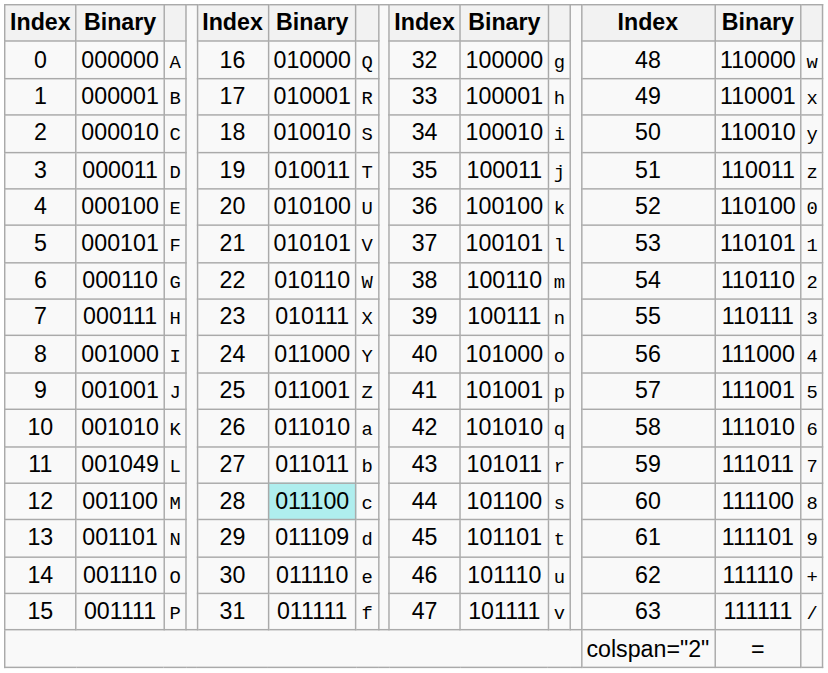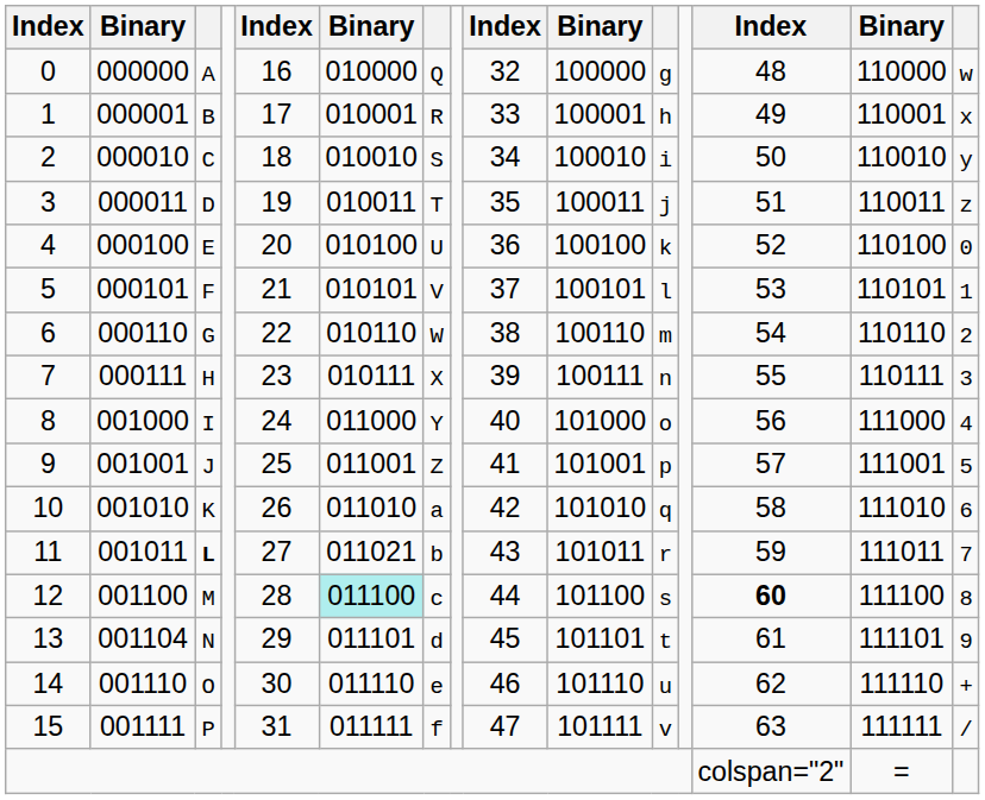 <table class="wikitable" style="text-align:center">
 <tr>
 <th scope="col">Index</th>
 <th scope="col">Binary</th>
 <th scope="col"></th>
 <td rowspan="17"></td>
 <th scope="col">Index</th>
 <th scope="col">Binary</th>
 <th scope="col"></th>
 <td rowspan="17"></td>
 <th scope="col">Index</th>
 <th scope="col">Binary</th>
 <th scope="col"></th>
 <td rowspan="17"></td>
 <th scope="col">Index</th>
 <th scope="col">Binary</th>
 <th scope="col"></th>
 </tr>
 <tr>
 <td>0</td>
 <td>000000</td>
 <td><code>A</code></td>
 <td>16</td>
 <td>010000</td>
 <td><code>Q</code></td>
 <td>32</td>
 <td>100000</td>
 <td><code>g</code></td>
 <td>48</td>
 <td>110000</td>
 <td><code>w</code></td>
 </tr>
 <tr>
 <td>1</td>
 <td>000001</td>
 <td><code>B</code></td>
 <td>17</td>
 <td>010001</td>
 <td><code>R</code></td>
 <td>33</td>
 <td>100001</td>
 <td><code>h</code></td>
 <td>49</td>
 <td>110001</td>
 <td><code>x</code></td>
 </tr>
 <tr>
 <td>2</td>
 <td>000010</td>
 <td><code>C</code></td>
 <td>18</td>
 <td>010010</td>
 <td><code>S</code></td>
 <td>34</td>
 <td>100010</td>
 <td><code>i</code></td>
 <td>50</td>
 <td>110010</td>
 <td><code>y</code></td>
 </tr>
 <tr>
 <td>3</td>
 <td>000011</td>
 <td><code>D</code></td>
 <td>19</td>
 <td>010011</td>
 <td><code>T</code></td>
 <td>35</td>
 <td>100011</td>
 <td><code>j</code></td>
 <td>51</td>
 <td>110011</td>
 <td><code>z</code></td>
 </tr>
 <tr>
 <td>4</td>
 <td>000100</td>
 <td><code>E</code></td>
 <td>20</td>
 <td>010100</td>
 <td><code>U</code></td>
 <td>36</td>
 <td>100100</td>
 <td><code>k</code></td>
 <td>52</td>
 <td>110100</td>
 <td><code>0</code></td>
 </tr>
 <tr>
 <td>5</td>
 <td>000101</td>
 <td><code>F</code></td>
 <td>21</td>
 <td>010101</td>
 <td><code>V</code></td>
 <td>37</td>
 <td>100101</td>
 <td><code>l</code></td>
 <td>53</td>
 <td>110101</td>
 <td><code>1</code></td>
 </tr>
 <tr>
 <td>6</td>
 <td>000110</td>
 <td><code>G</code></td>
 <td>22</td>
 <td>010110</td>
 <td><code>W</code></td>
 <td>38</td>
 <td>100110</td>
 <td><code>m</code></td>
 <td>54</td>
 <td>110110</td>
 <td><code>2</code></td>
 </tr>
 <tr>
 <td>7</td>
 <td>000111</td>
 <td><code>H</code></td>
 <td>23</td>
 <td>010111</td>
 <td><code>X</code></td>
 <td>39</td>
 <td>100111</td>
 <td><code>n</code></td>
 <td>55</td>
 <td>110111</td>
 <td><code>3</code></td>
 </tr>
 <tr>
 <td>8</td>
 <td>001000</td>
 <td><code>I</code></td>
 <td>24</td>
 <td>011000</td>
 <td><code>Y</code></td>
 <td>40</td>
 <td>101000</td>
 <td><code>o</code></td>
 <td>56</td>
 <td>111000</td>
 <td><code>4</code></td>
 </tr>
 <tr>
 <td>9</td>
 <td>001001</td>
 <td><code>J</code></td>
 <td>25</td>
 <td>011001</td>
 <td><code>Z</code></td>
 <td>41</td>
 <td>101001</td>
 <td><code>p</code></td>
 <td>57</td>
 <td>111001</td>
 <td><code>5</code></td>
 </tr>
 <tr>
 <td>10</td>
 <td>001010</td>
 <td><code>K</code></td>
 <td>26</td>
 <td>011010</td>
 <td><code>a</code></td>
 <td>42</td>
 <td>101010</td>
 <td><code>q</code></td>
 <td>58</td>
 <td>111010</td>
 <td><code>6</code></td>
 </tr>
 <tr>
 <td>11</td>
-<td>001049</td>
-<td><code>L</code></td>
+<td>001011</td>
+<td><strong><code>L</code></strong></td>
 <td>27</td>
-<td>011011</td>
+<td>011021</td>
 <td><code>b</code></td>
 <td>43</td>
 <td>101011</td>
 <td><code>r</code></td>
 <td>59</td>
 <td>111011</td>
 <td><code>7</code></td>
 </tr>
 <tr>
 <td>12</td>
 <td>001100</td>
 <td><code>M</code></td>
 <td>28</td>
 <td style="background: paleturquoise;">011100</td>
 <td><code>c</code></td>
 <td>44</td>
 <td>101100</td>
 <td><code>s</code></td>
-<td>60</td>
+<td><strong>60</strong></td>
 <td>111100</td>
 <td><code>8</code></td>
 </tr>
 <tr>
 <td>13</td>
-<td>001101</td>
+<td>001104</td>
 <td><code>N</code></td>
 <td>29</td>
-<td>011109</td>
+<td>011101</td>
 <td><code>d</code></td>
 <td>45</td>
 <td>101101</td>
 <td><code>t</code></td>
 <td>61</td>
 <td>111101</td>
 <td><code>9</code></td>
 </tr>
 <tr>
 <td>14</td>
 <td>001110</td>
 <td><code>O</code></td>
 <td>30</td>
 <td>011110</td>
 <td><code>e</code></td>
 <td>46</td>
 <td>101110</td>
 <td><code>u</code></td>
 <td>62</td>
 <td>111110</td>
 <td><code>+</code></td>
 </tr>
 <tr>
 <td>15</td>
 <td>001111</td>
 <td><code>P</code></td>
 <td>31</td>
 <td>011111</td>
 <td><code>f</code></td>
 <td>47</td>
 <td>101111</td>
 <td><code>v</code></td>
 <td>63</td>
 <td>111111</td>
 <td><code>/</code></td>
 </tr>
 <tr>
 <td colspan="12"></td>
 <td>colspan="2" </td>
 <td>=</td>
 </tr>
 </table>
